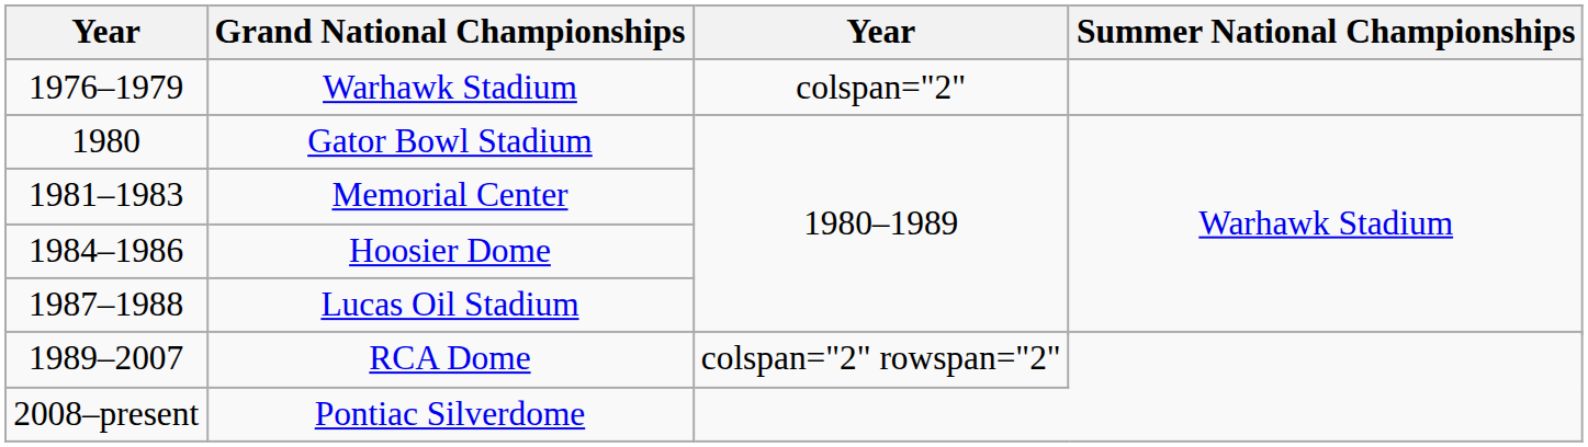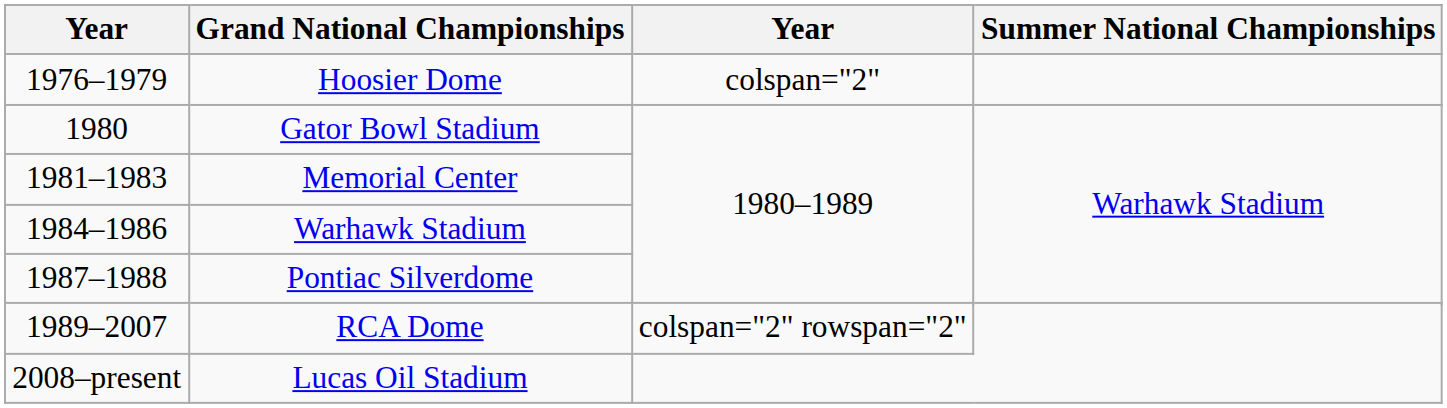 <table class="wikitable" style="text-align: center;">
 <tr>
 <th>Year</th>
 <th>Grand National Championships</th>
 <th>Year</th>
 <th>Summer National Championships</th>
 </tr>
 <tr>
 <td>1976–1979</td>
-<td><a href='#'>Warhawk Stadium</a></td>
+<td><a href='#'>Hoosier Dome</a></td>
 <td>colspan="2" </td>
 </tr>
 <tr>
 <td>1980</td>
 <td><a href='#'>Gator Bowl Stadium</a></td>
 <td rowspan="5">1980–1989</td>
 <td rowspan="5"><a href='#'>Warhawk Stadium</a></td>
 </tr>
 <tr>
 <td>1981–1983</td>
 <td><a href='#'>Memorial Center</a></td>
 </tr>
 <tr>
 <td>1984–1986</td>
-<td><a href='#'>Hoosier Dome</a></td>
+<td><a href='#'>Warhawk Stadium</a></td>
 </tr>
 <tr>
 <td>1987–1988</td>
-<td><a href='#'>Lucas Oil Stadium</a></td>
+<td><a href='#'>Pontiac Silverdome</a></td>
 </tr>
 <tr>
 <td rowspan="2">1989–2007</td>
 <td rowspan="2"><a href='#'>RCA Dome</a></td>
 </tr>
 <tr>
 <td>colspan="2" rowspan="2" </td>
 </tr>
 <tr>
 <td>2008–present</td>
-<td><a href='#'>Pontiac Silverdome</a></td>
+<td><a href='#'>Lucas Oil Stadium</a></td>
 </tr>
 </table>
